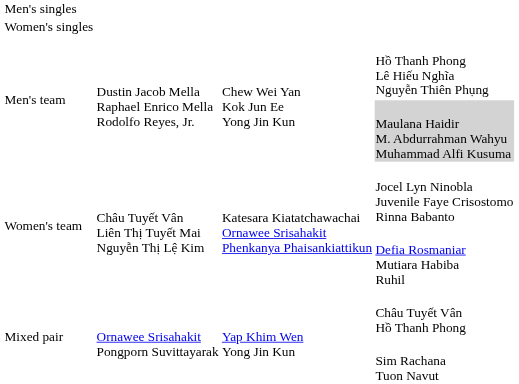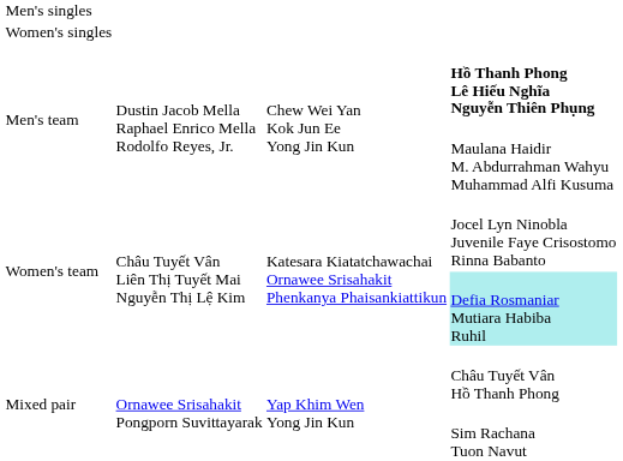 <table>
 <tr>
 <td rowspan=2>Men's singles</td>
 <td rowspan=2></td>
 <td rowspan=2></td>
 <td></td>
 </tr>
 <tr>
 <td></td>
 </tr>
 <tr>
 <td rowspan=2>Women's singles</td>
 <td rowspan=2></td>
 <td rowspan=2></td>
 <td nowrap></td>
 </tr>
 <tr>
 <td></td>
 </tr>
 <tr>
 <td rowspan=2>Men's team</td>
 <td rowspan=2><br>Dustin Jacob Mella<br>Raphael Enrico Mella<br>Rodolfo Reyes, Jr.</td>
 <td rowspan=2><br>Chew Wei Yan<br>Kok Jun Ee<br>Yong Jin Kun</td>
-<td><br>Hồ Thanh Phong<br>Lê Hiếu Nghĩa<br>Nguyễn Thiên Phụng</td>
+<td><strong><br>Hồ Thanh Phong<br>Lê Hiếu Nghĩa<br>Nguyễn Thiên Phụng</strong></td>
 </tr>
 <tr>
-<td style="background: lightgrey;"><br>Maulana Haidir<br>M. Abdurrahman Wahyu<br>Muhammad Alfi Kusuma</td>
+<td><br>Maulana Haidir<br>M. Abdurrahman Wahyu<br>Muhammad Alfi Kusuma</td>
 </tr>
 <tr>
 <td rowspan=2>Women's team</td>
 <td rowspan=2><br>Châu Tuyết Vân<br>Liên Thị Tuyết Mai<br>Nguyễn Thị Lệ Kim</td>
 <td rowspan=2 nowrap><br>Katesara Kiatatchawachai<br><a href='#'>Ornawee Srisahakit</a><br><a href='#'>Phenkanya Phaisankiattikun</a></td>
 <td><br>Jocel Lyn Ninobla<br>Juvenile Faye Crisostomo<br>Rinna Babanto</td>
 </tr>
 <tr>
-<td><br><a href='#'>Defia Rosmaniar</a><br>Mutiara Habiba<br>Ruhil</td>
+<td style="background: paleturquoise;"><br><a href='#'>Defia Rosmaniar</a><br>Mutiara Habiba<br>Ruhil</td>
 </tr>
 <tr>
 <td rowspan=2>Mixed pair</td>
 <td rowspan=2 nowrap><br><a href='#'>Ornawee Srisahakit</a><br>Pongporn Suvittayarak</td>
 <td rowspan=2><br><a href='#'>Yap Khim Wen</a><br>Yong Jin Kun</td>
 <td><br>Châu Tuyết Vân<br>Hồ Thanh Phong</td>
 </tr>
 <tr>
 <td><br>Sim Rachana<br>Tuon Navut</td>
 </tr>
 </table>
